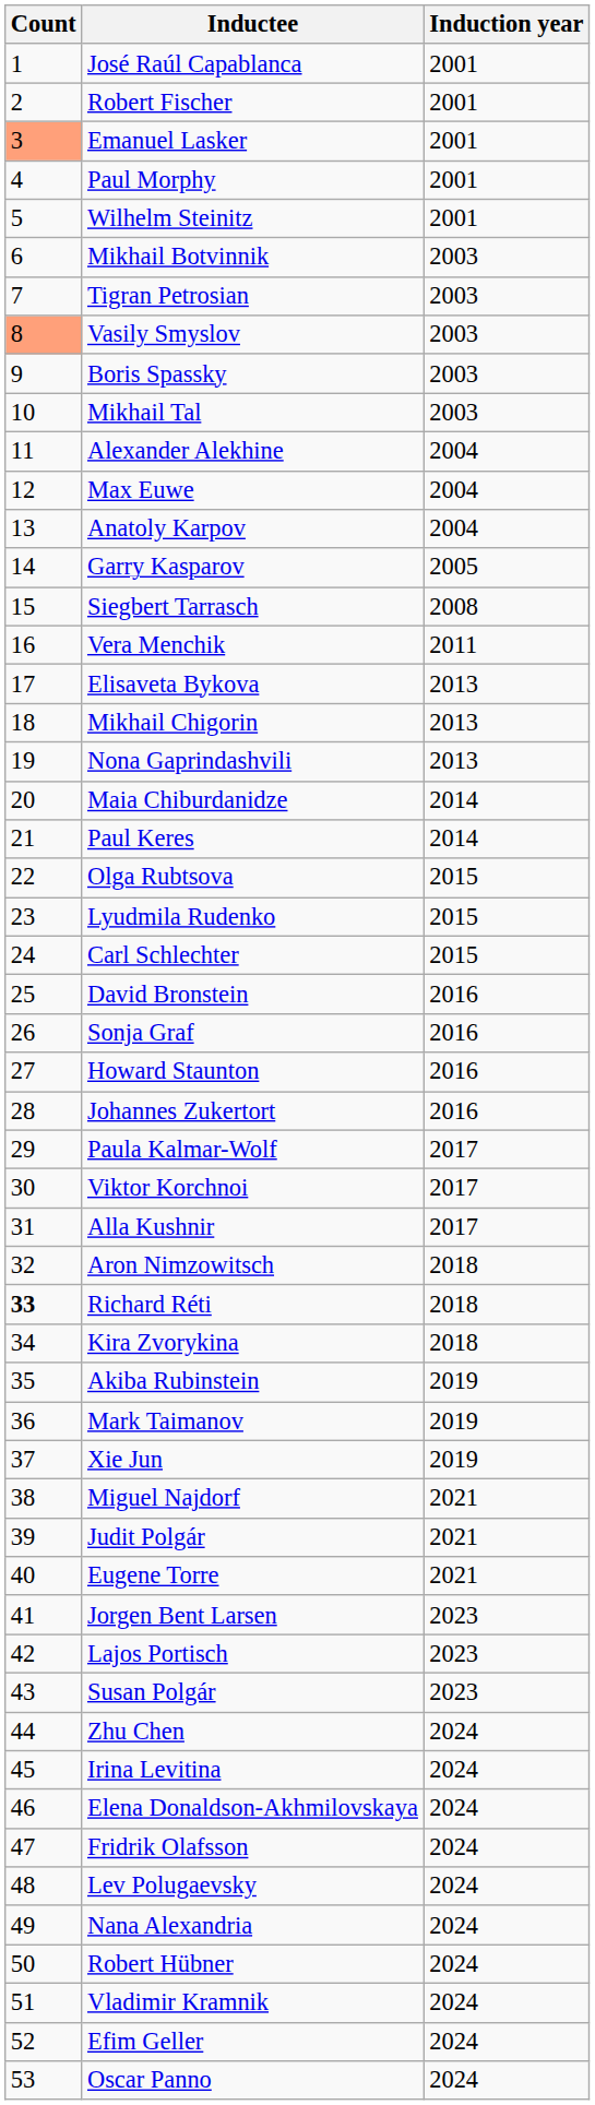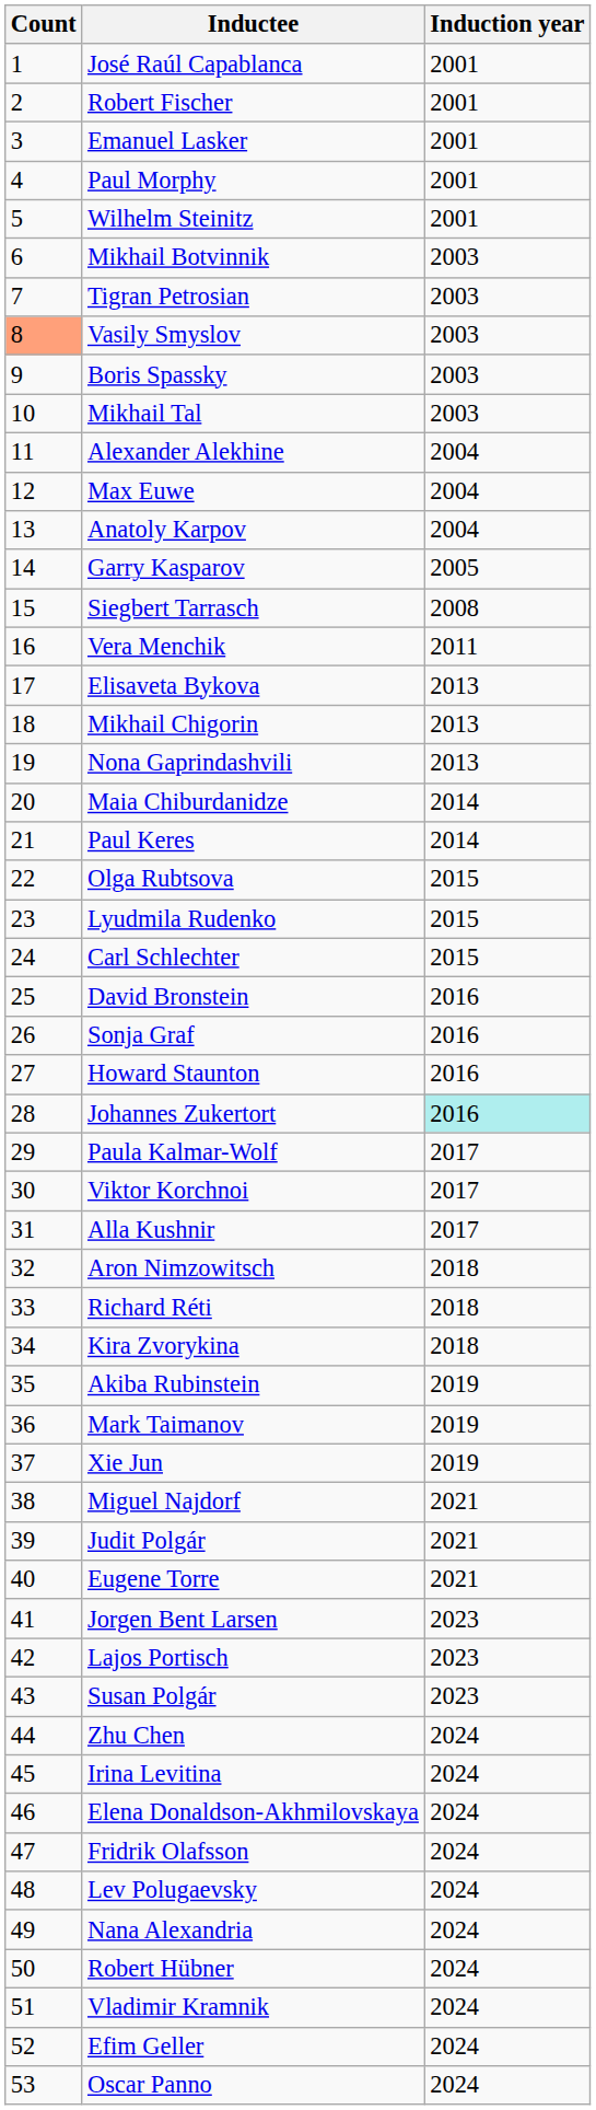 <table class="wikitable sortable">
 <tr>
 <th>Count</th>
 <th>Inductee</th>
 <th>Induction year</th>
 </tr>
 <tr>
 <td>1</td>
 <td><a href='#'>José Raúl Capablanca</a></td>
 <td>2001</td>
 </tr>
 <tr>
 <td>2</td>
 <td><a href='#'>Robert Fischer</a></td>
 <td>2001</td>
 </tr>
 <tr>
-<td style="background: lightsalmon;">3</td>
+<td>3</td>
 <td><a href='#'>Emanuel Lasker</a></td>
 <td>2001</td>
 </tr>
 <tr>
 <td>4</td>
 <td><a href='#'>Paul Morphy</a></td>
 <td>2001</td>
 </tr>
 <tr>
 <td>5</td>
 <td><a href='#'>Wilhelm Steinitz</a></td>
 <td>2001</td>
 </tr>
 <tr>
 <td>6</td>
 <td><a href='#'>Mikhail Botvinnik</a></td>
 <td>2003</td>
 </tr>
 <tr>
 <td>7</td>
 <td><a href='#'>Tigran Petrosian</a></td>
 <td>2003</td>
 </tr>
 <tr>
 <td style="background: lightsalmon;">8</td>
 <td><a href='#'>Vasily Smyslov</a></td>
 <td>2003</td>
 </tr>
 <tr>
 <td>9</td>
 <td><a href='#'>Boris Spassky</a></td>
 <td>2003</td>
 </tr>
 <tr>
 <td>10</td>
 <td><a href='#'>Mikhail Tal</a></td>
 <td>2003</td>
 </tr>
 <tr>
 <td>11</td>
 <td><a href='#'>Alexander Alekhine</a></td>
 <td>2004</td>
 </tr>
 <tr>
 <td>12</td>
 <td><a href='#'>Max Euwe</a></td>
 <td>2004</td>
 </tr>
 <tr>
 <td>13</td>
 <td><a href='#'>Anatoly Karpov</a></td>
 <td>2004</td>
 </tr>
 <tr>
 <td>14</td>
 <td><a href='#'>Garry Kasparov</a></td>
 <td>2005</td>
 </tr>
 <tr>
 <td>15</td>
 <td><a href='#'>Siegbert Tarrasch</a></td>
 <td>2008</td>
 </tr>
 <tr>
 <td>16</td>
 <td><a href='#'>Vera Menchik</a></td>
 <td>2011</td>
 </tr>
 <tr>
 <td>17</td>
 <td><a href='#'>Elisaveta Bykova</a></td>
 <td>2013</td>
 </tr>
 <tr>
 <td>18</td>
 <td><a href='#'>Mikhail Chigorin</a></td>
 <td>2013</td>
 </tr>
 <tr>
 <td>19</td>
 <td><a href='#'>Nona Gaprindashvili</a></td>
 <td>2013</td>
 </tr>
 <tr>
 <td>20</td>
 <td><a href='#'>Maia Chiburdanidze</a></td>
 <td>2014</td>
 </tr>
 <tr>
 <td>21</td>
 <td><a href='#'>Paul Keres</a></td>
 <td>2014</td>
 </tr>
 <tr>
 <td>22</td>
 <td><a href='#'>Olga Rubtsova</a></td>
 <td>2015</td>
 </tr>
 <tr>
 <td>23</td>
 <td><a href='#'>Lyudmila Rudenko</a></td>
 <td>2015</td>
 </tr>
 <tr>
 <td>24</td>
 <td><a href='#'>Carl Schlechter</a></td>
 <td>2015</td>
 </tr>
 <tr>
 <td>25</td>
 <td><a href='#'>David Bronstein</a></td>
 <td>2016</td>
 </tr>
 <tr>
 <td>26</td>
 <td><a href='#'>Sonja Graf</a></td>
 <td>2016</td>
 </tr>
 <tr>
 <td>27</td>
 <td><a href='#'>Howard Staunton</a></td>
 <td>2016</td>
 </tr>
 <tr>
 <td>28</td>
 <td><a href='#'>Johannes Zukertort</a></td>
-<td>2016</td>
+<td style="background: paleturquoise;">2016</td>
 </tr>
 <tr>
 <td>29</td>
 <td><a href='#'>Paula Kalmar-Wolf</a></td>
 <td>2017</td>
 </tr>
 <tr>
 <td>30</td>
 <td><a href='#'>Viktor Korchnoi</a></td>
 <td>2017</td>
 </tr>
 <tr>
 <td>31</td>
 <td><a href='#'>Alla Kushnir</a></td>
 <td>2017</td>
 </tr>
 <tr>
 <td>32</td>
 <td><a href='#'>Aron Nimzowitsch</a></td>
 <td>2018</td>
 </tr>
 <tr>
-<td><strong>33</strong></td>
+<td>33</td>
 <td><a href='#'>Richard Réti</a></td>
 <td>2018</td>
 </tr>
 <tr>
 <td>34</td>
 <td><a href='#'>Kira Zvorykina</a></td>
 <td>2018</td>
 </tr>
 <tr>
 <td>35</td>
 <td><a href='#'>Akiba Rubinstein</a></td>
 <td>2019</td>
 </tr>
 <tr>
 <td>36</td>
 <td><a href='#'>Mark Taimanov</a></td>
 <td>2019</td>
 </tr>
 <tr>
 <td>37</td>
 <td><a href='#'>Xie Jun</a></td>
 <td>2019</td>
 </tr>
 <tr>
 <td>38</td>
 <td><a href='#'>Miguel Najdorf</a></td>
 <td>2021</td>
 </tr>
 <tr>
 <td>39</td>
 <td><a href='#'>Judit Polgár</a></td>
 <td>2021</td>
 </tr>
 <tr>
 <td>40</td>
 <td><a href='#'>Eugene Torre</a></td>
 <td>2021</td>
 </tr>
 <tr>
 <td>41</td>
 <td><a href='#'>Jorgen Bent Larsen</a></td>
 <td>2023</td>
 </tr>
 <tr>
 <td>42</td>
 <td><a href='#'>Lajos Portisch</a></td>
 <td>2023</td>
 </tr>
 <tr>
 <td>43</td>
 <td><a href='#'>Susan Polgár</a></td>
 <td>2023</td>
 </tr>
 <tr>
 <td>44</td>
 <td><a href='#'>Zhu Chen</a></td>
 <td>2024</td>
 </tr>
 <tr>
 <td>45</td>
 <td><a href='#'>Irina Levitina</a></td>
 <td>2024</td>
 </tr>
 <tr>
 <td>46</td>
 <td><a href='#'>Elena Donaldson-Akhmilovskaya</a></td>
 <td>2024</td>
 </tr>
 <tr>
 <td>47</td>
 <td><a href='#'>Fridrik Olafsson</a></td>
 <td>2024</td>
 </tr>
 <tr>
 <td>48</td>
 <td><a href='#'>Lev Polugaevsky</a></td>
 <td>2024</td>
 </tr>
 <tr>
 <td>49</td>
 <td><a href='#'>Nana Alexandria</a></td>
 <td>2024</td>
 </tr>
 <tr>
 <td>50</td>
 <td><a href='#'>Robert Hübner</a></td>
 <td>2024</td>
 </tr>
 <tr>
 <td>51</td>
 <td><a href='#'>Vladimir Kramnik</a></td>
 <td>2024</td>
 </tr>
 <tr>
 <td>52</td>
 <td><a href='#'>Efim Geller</a></td>
 <td>2024</td>
 </tr>
 <tr>
 <td>53</td>
 <td><a href='#'>Oscar Panno</a></td>
 <td>2024</td>
 </tr>
 </table>
